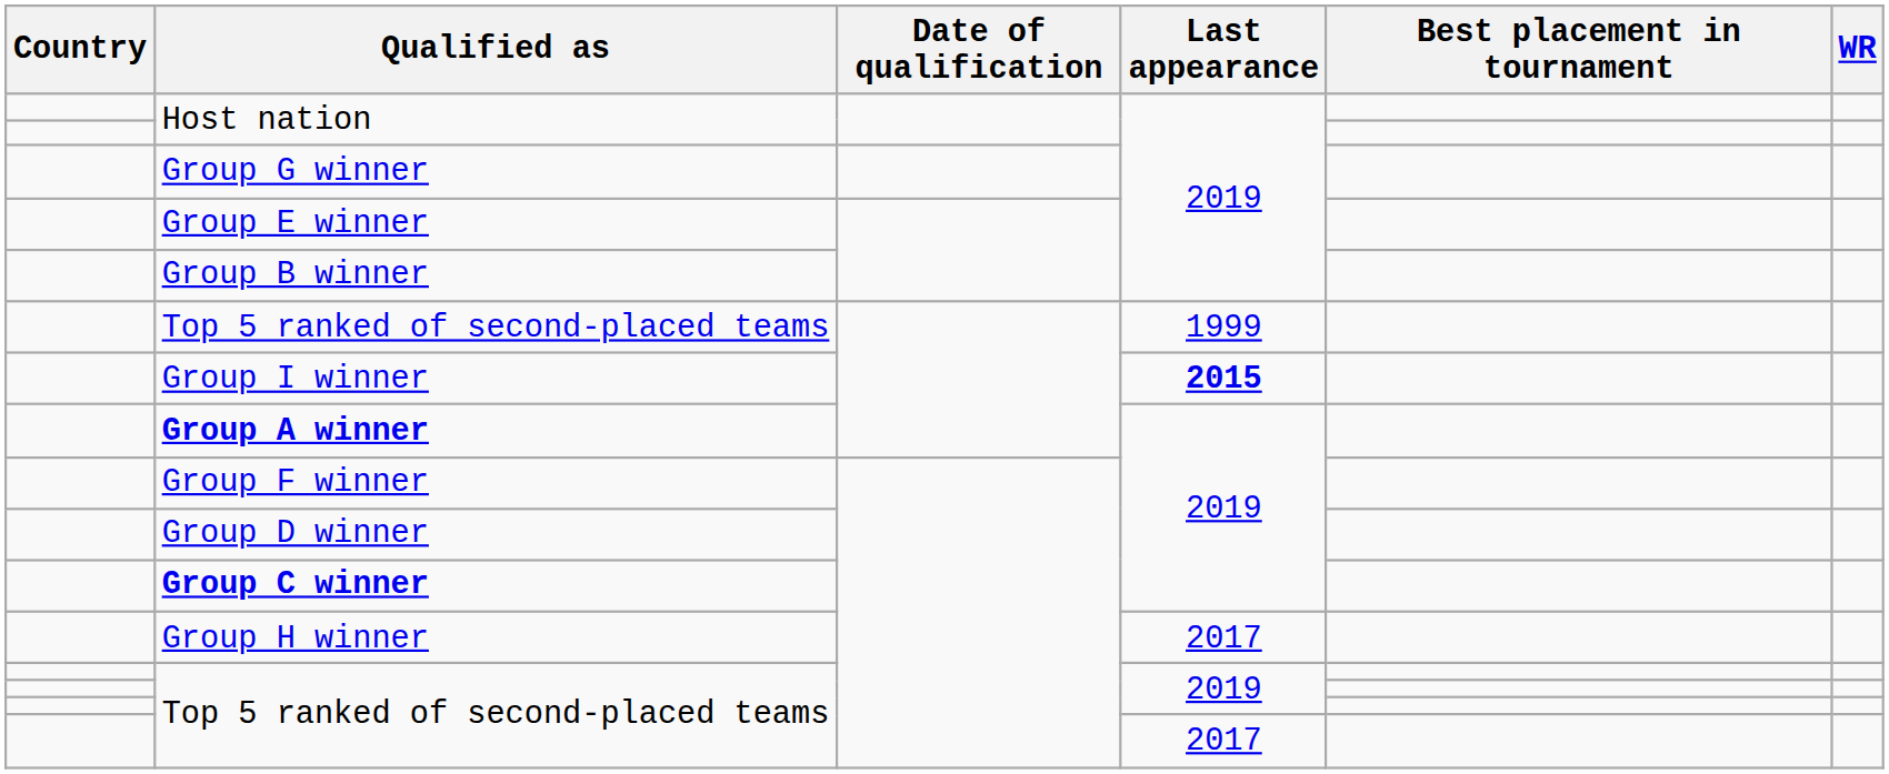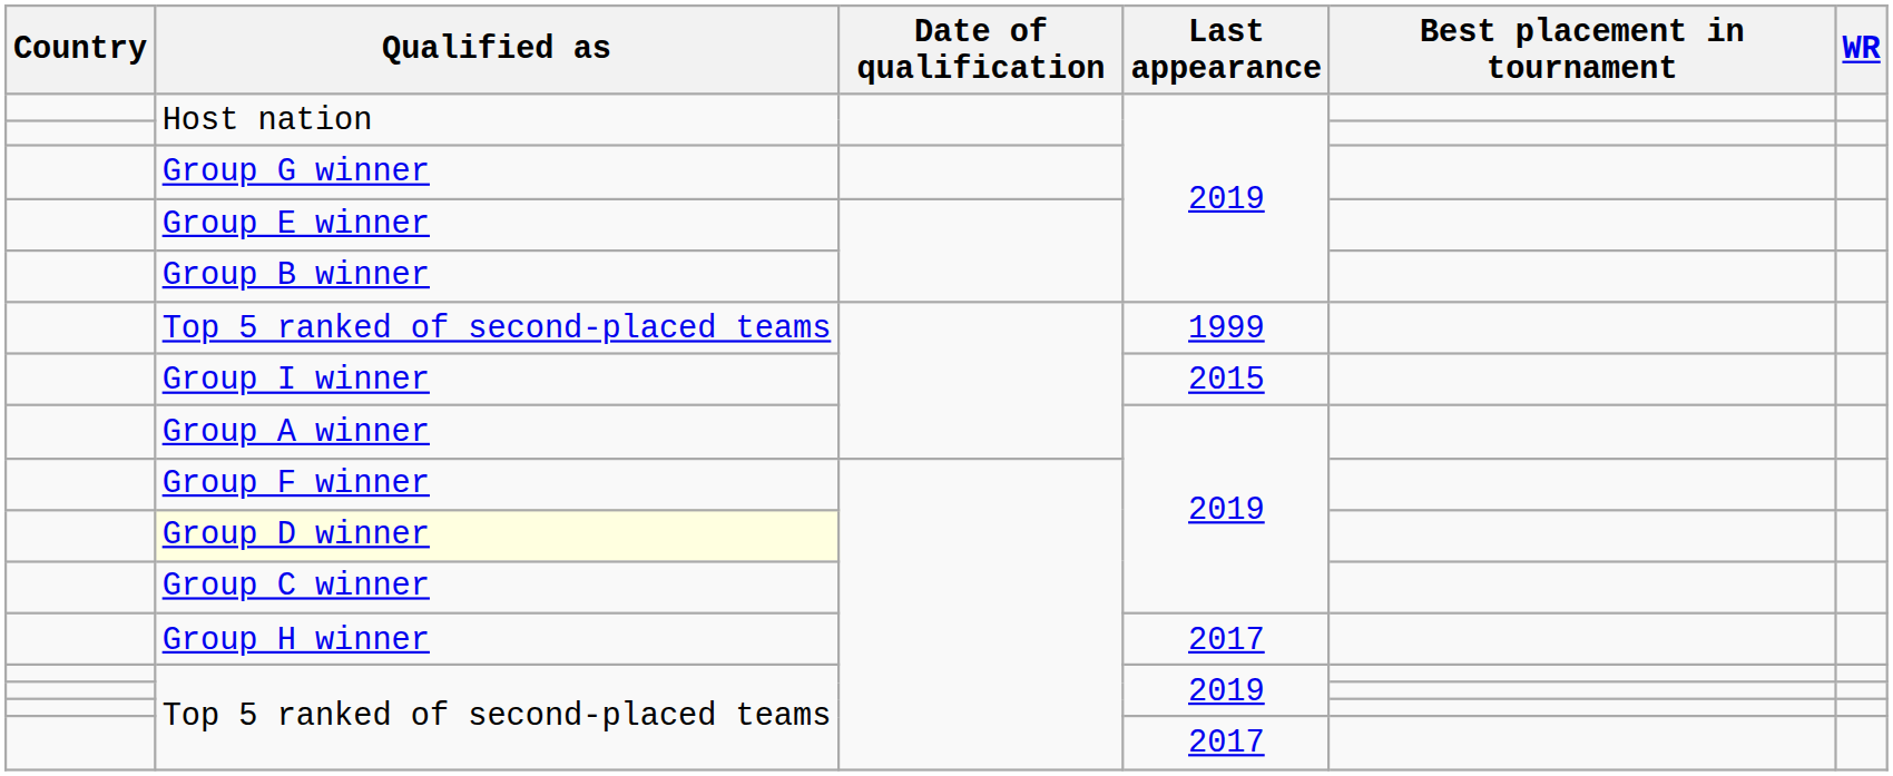 <table class="wikitable sortable">
 <tr>
 <th>Country</th>
 <th>Qualified as</th>
 <th scope="col" width="110">Date of qualification</th>
 <th scope="col" width="50">Last appearance</th>
 <th scope="col" width="200">Best placement in tournament</th>
 <th><a href='#'>WR</a></th>
 </tr>
 <tr>
 <td></td>
 <td rowspan=2>Host nation</td>
 <td rowspan=2></td>
 <td align=center rowspan=5><a href='#'>2019</a></td>
 <td></td>
 <td align="center"></td>
 </tr>
 <tr>
 <td></td>
 <td></td>
 <td align="center"></td>
 </tr>
 <tr>
 <td></td>
 <td><a href='#'>Group G winner</a></td>
 <td></td>
 <td></td>
 <td align="center"></td>
 </tr>
 <tr>
 <td></td>
 <td><a href='#'>Group E winner</a></td>
 <td rowspan=2></td>
 <td></td>
 <td align="center"></td>
 </tr>
 <tr>
 <td></td>
 <td><a href='#'>Group B winner</a></td>
 <td></td>
 <td align="center"></td>
 </tr>
 <tr>
 <td></td>
 <td><a href='#'>Top 5 ranked of second-placed teams</a></td>
 <td rowspan=3></td>
 <td align=center><a href='#'>1999</a></td>
 <td></td>
 <td align="center"></td>
 </tr>
 <tr>
 <td></td>
 <td><a href='#'>Group I winner</a></td>
-<td align=center><strong><a href='#'>2015</a></strong></td>
+<td align=center><a href='#'>2015</a></td>
 <td></td>
 <td align="center"></td>
 </tr>
 <tr>
 <td></td>
-<td><strong><a href='#'>Group A winner</a></strong></td>
+<td><a href='#'>Group A winner</a></td>
 <td align=center rowspan=4><a href='#'>2019</a></td>
 <td></td>
 <td align="center"></td>
 </tr>
 <tr>
 <td></td>
 <td><a href='#'>Group F winner</a></td>
 <td rowspan=8></td>
 <td></td>
 <td align="center"></td>
 </tr>
 <tr>
 <td></td>
-<td><a href='#'>Group D winner</a></td>
+<td style="background: lightyellow;"><a href='#'>Group D winner</a></td>
 <td></td>
 <td align="center"></td>
 </tr>
 <tr>
 <td></td>
-<td><strong><a href='#'>Group C winner</a></strong></td>
+<td><a href='#'>Group C winner</a></td>
 <td></td>
 <td align="center"></td>
 </tr>
 <tr>
 <td></td>
 <td><a href='#'>Group H winner</a></td>
 <td align=center><a href='#'>2017</a></td>
 <td></td>
 <td align="center"></td>
 </tr>
 <tr>
 <td></td>
 <td rowspan=4>Top 5 ranked of second-placed teams</td>
 <td align=center rowspan=3><a href='#'>2019</a></td>
 <td></td>
 <td align="center"></td>
 </tr>
 <tr>
 <td></td>
 <td></td>
 <td align="center"></td>
 </tr>
 <tr>
 <td></td>
 <td></td>
 <td align="center"></td>
 </tr>
 <tr>
 <td></td>
 <td align=center><a href='#'>2017</a></td>
 <td></td>
 <td align="center"></td>
 </tr>
 </table>
